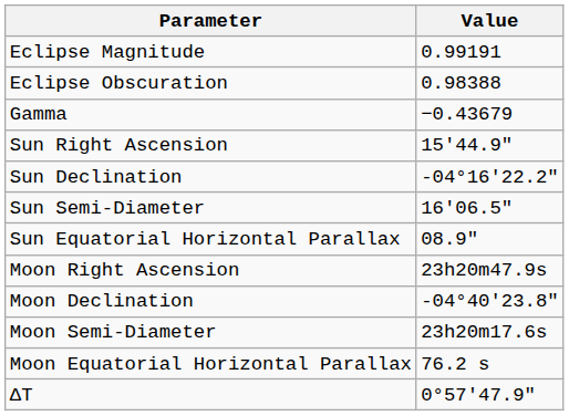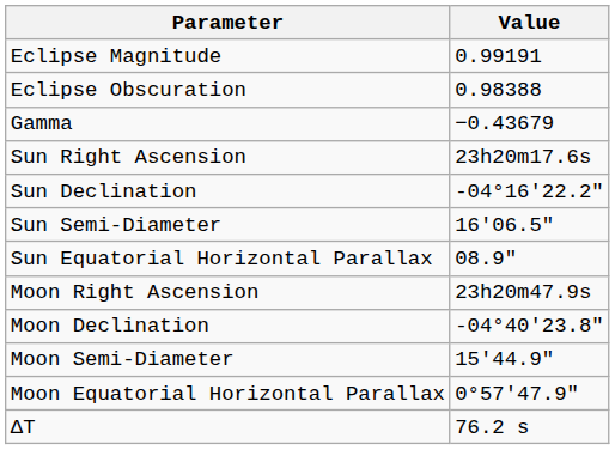 <table class="wikitable">
 <tr>
 <th>Parameter</th>
 <th>Value</th>
 </tr>
 <tr>
 <td>Eclipse Magnitude</td>
 <td>0.99191</td>
 </tr>
 <tr>
 <td>Eclipse Obscuration</td>
 <td>0.98388</td>
 </tr>
 <tr>
 <td>Gamma</td>
 <td>−0.43679</td>
 </tr>
 <tr>
 <td>Sun Right Ascension</td>
-<td>15'44.9"</td>
+<td>23h20m17.6s</td>
 </tr>
 <tr>
 <td>Sun Declination</td>
 <td>-04°16'22.2"</td>
 </tr>
 <tr>
 <td>Sun Semi-Diameter</td>
 <td>16'06.5"</td>
 </tr>
 <tr>
 <td>Sun Equatorial Horizontal Parallax</td>
 <td>08.9"</td>
 </tr>
 <tr>
 <td>Moon Right Ascension</td>
 <td>23h20m47.9s</td>
 </tr>
 <tr>
 <td>Moon Declination</td>
 <td>-04°40'23.8"</td>
 </tr>
 <tr>
 <td>Moon Semi-Diameter</td>
-<td>23h20m17.6s</td>
+<td>15'44.9"</td>
 </tr>
 <tr>
 <td>Moon Equatorial Horizontal Parallax</td>
-<td>76.2 s</td>
+<td>0°57'47.9"</td>
 </tr>
 <tr>
 <td>ΔT</td>
-<td>0°57'47.9"</td>
+<td>76.2 s</td>
 </tr>
 </table>
